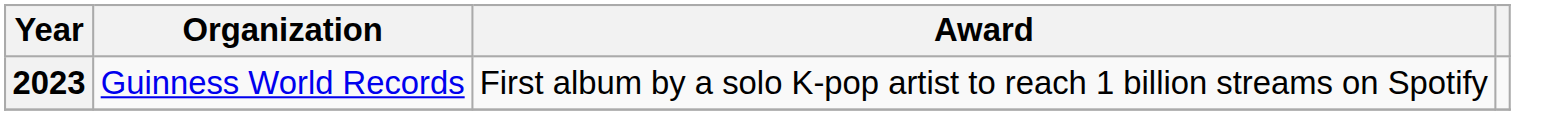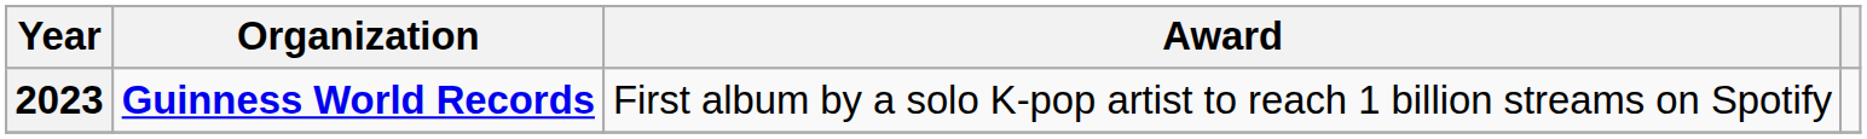 <table class="wikitable plainrowheaders">
 <tr>
 <th scope="col">Year</th>
 <th scope="col">Organization</th>
 <th scope="col">Award</th>
 <th scope="col"></th>
 </tr>
 <tr>
 <th scope="row">2023</th>
-<td><a href='#'>Guinness World Records</a></td>
+<td><strong><a href='#'>Guinness World Records</a></strong></td>
 <td>First album by a solo K-pop artist to reach 1 billion streams on Spotify</td>
 <td style="text-align:center"></td>
 </tr>
 <tr>
 </tr>
 </table>
